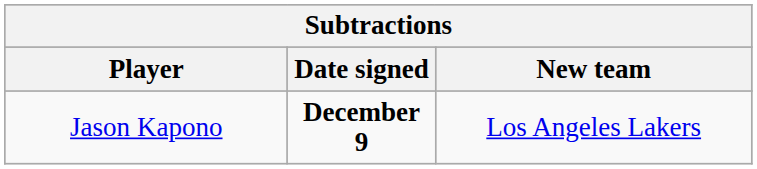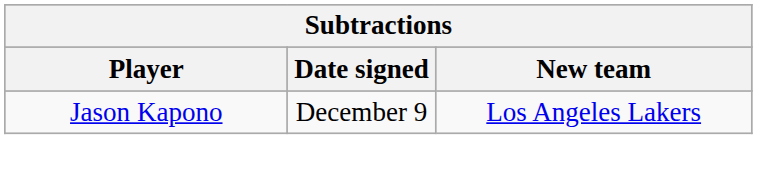 <table class="wikitable" style="text-align:center">
 <tr>
 <th colspan=3>Subtractions</th>
 </tr>
 <tr>
 <th style="width:160px">Player</th>
 <th style="width:80px">Date signed</th>
 <th style="width:180px">New team</th>
 </tr>
 <tr>
 <td><a href='#'>Jason Kapono</a></td>
-<td><strong>December 9</strong></td>
+<td>December 9</td>
 <td><a href='#'>Los Angeles Lakers</a></td>
 </tr>
 </table>
